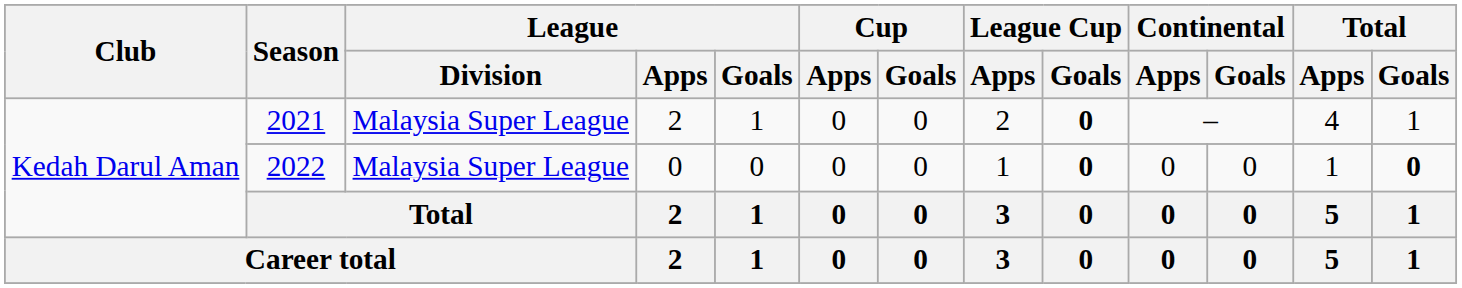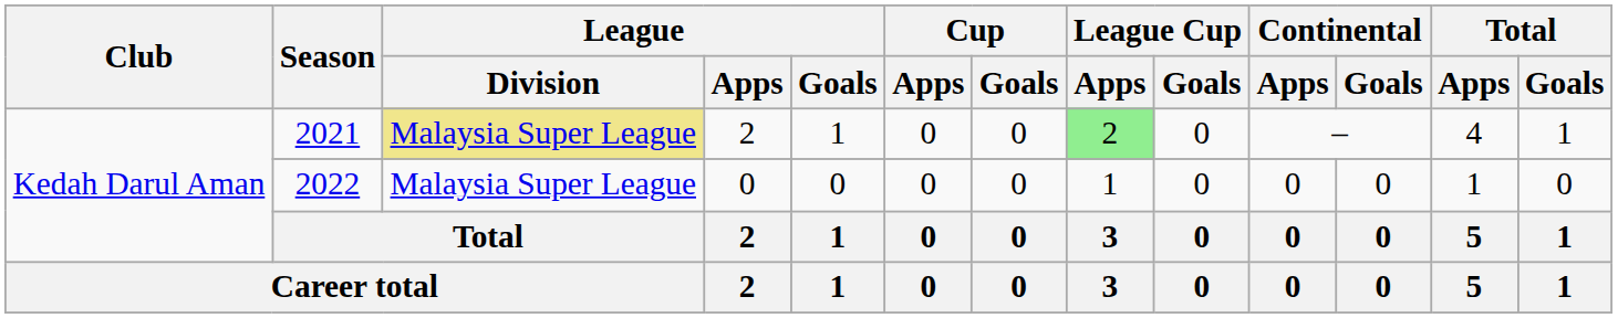 <table class=wikitable style="text-align:center">
 <tr>
 <th rowspan=2>Club</th>
 <th rowspan=2>Season</th>
 <th colspan=3>League</th>
 <th colspan=2>Cup</th>
 <th colspan=2>League Cup</th>
 <th colspan=2>Continental</th>
 <th colspan=2>Total</th>
 </tr>
 <tr>
 <th>Division</th>
 <th>Apps</th>
 <th>Goals</th>
 <th>Apps</th>
 <th>Goals</th>
 <th>Apps</th>
 <th>Goals</th>
 <th>Apps</th>
 <th>Goals</th>
 <th>Apps</th>
 <th>Goals</th>
 </tr>
 <tr>
 <td rowspan="3"><a href='#'>Kedah Darul Aman</a></td>
 <td><a href='#'>2021</a></td>
-<td><a href='#'>Malaysia Super League</a></td>
+<td style="background: khaki;"><a href='#'>Malaysia Super League</a></td>
 <td>2</td>
 <td>1</td>
 <td>0</td>
 <td>0</td>
-<td>2</td>
-<td><strong>0</strong></td>
+<td style="background: lightgreen;">2</td>
+<td>0</td>
 <td colspan="2">–</td>
 <td>4</td>
 <td>1</td>
 </tr>
 <tr>
 <td><a href='#'>2022</a></td>
 <td><a href='#'>Malaysia Super League</a></td>
 <td>0</td>
 <td>0</td>
 <td>0</td>
 <td>0</td>
 <td>1</td>
-<td><strong>0</strong></td>
+<td>0</td>
 <td>0</td>
 <td>0</td>
 <td>1</td>
-<td><strong>0</strong></td>
+<td>0</td>
 </tr>
 <tr>
 <th colspan=2>Total</th>
 <th>2</th>
 <th>1</th>
 <th>0</th>
 <th>0</th>
 <th>3</th>
 <th>0</th>
 <th>0</th>
 <th>0</th>
 <th>5</th>
 <th>1</th>
 </tr>
 <tr>
 <th colspan=3>Career total</th>
 <th>2</th>
 <th>1</th>
 <th>0</th>
 <th>0</th>
 <th>3</th>
 <th>0</th>
 <th>0</th>
 <th>0</th>
 <th>5</th>
 <th>1</th>
 </tr>
 </table>
